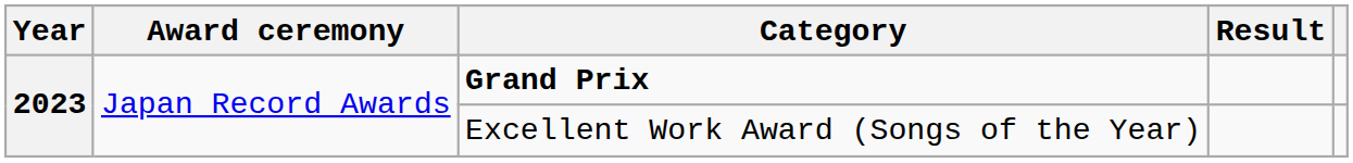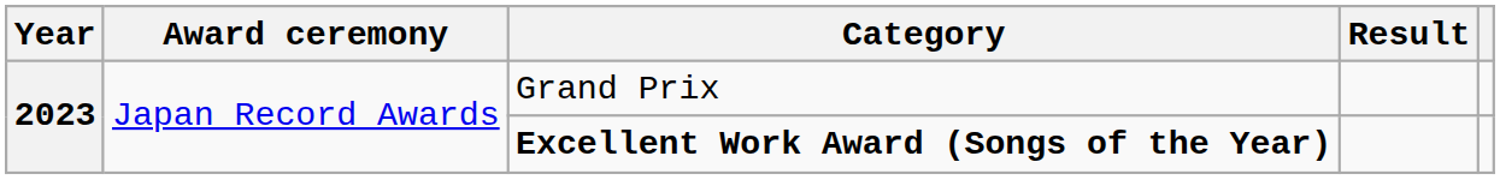 <table class="wikitable sortable plainrowheaders">
 <tr>
 <th scope="col">Year</th>
 <th scope="col">Award ceremony</th>
 <th scope="col">Category</th>
 <th scope="col">Result</th>
 <th scope="col" class="unsortable"></th>
 </tr>
 <tr>
 <th scope="row" rowspan="2">2023</th>
 <td rowspan="2"><a href='#'>Japan Record Awards</a></td>
-<td><strong>Grand Prix</strong></td>
+<td>Grand Prix</td>
 <td></td>
 <td style="text-align:center;"></td>
 </tr>
 <tr>
-<td>Excellent Work Award (Songs of the Year)</td>
+<td><strong>Excellent Work Award (Songs of the Year)</strong></td>
 <td></td>
 <td style="text-align:center;"></td>
 </tr>
 </table>
